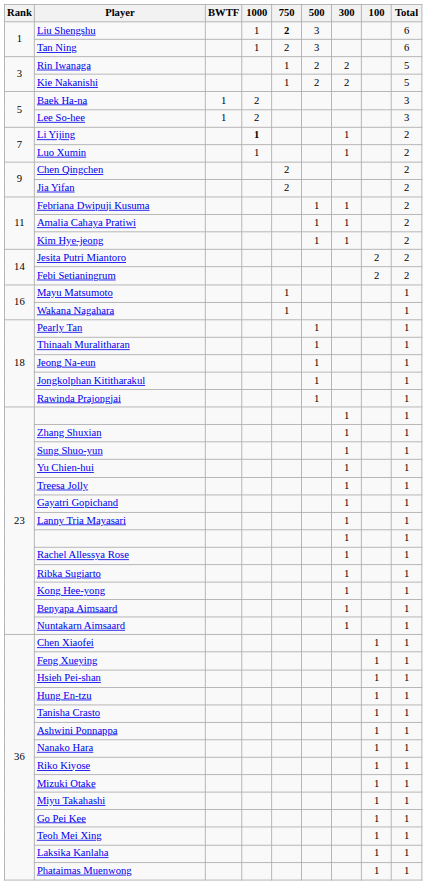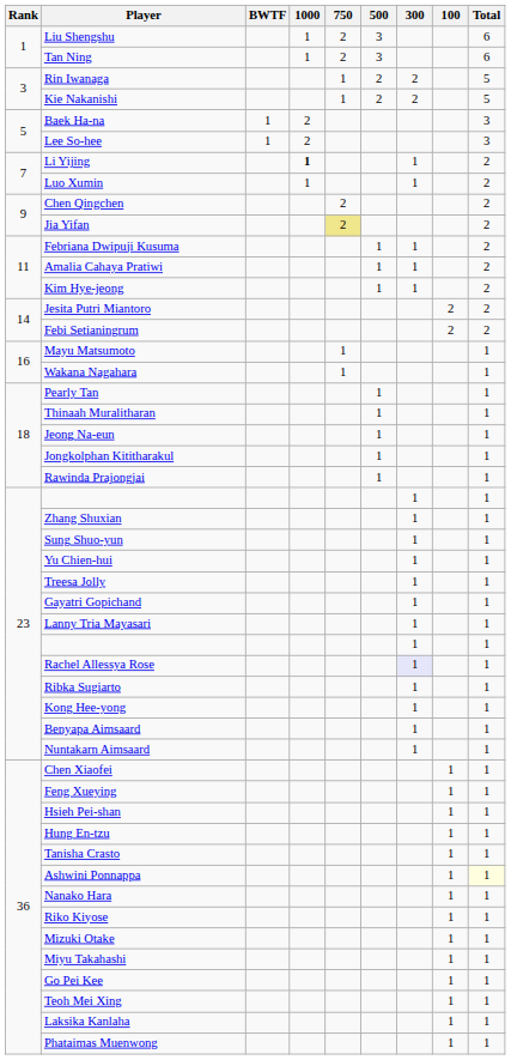 <table class="wikitable" style="font-size:80%; text-align:center">
 <tr>
 <th width="30">Rank</th>
 <th width="200">Player</th>
 <th width="30">BWTF</th>
 <th width="30">1000</th>
 <th width="30">750</th>
 <th width="30">500</th>
 <th width="30">300</th>
 <th width="30">100</th>
 <th width="30">Total</th>
 </tr>
 <tr>
 <td rowspan="2">1</td>
 <td align="left"> <a href='#'>Liu Shengshu</a></td>
 <td></td>
 <td>1</td>
-<td><strong>2</strong></td>
+<td>2</td>
 <td>3</td>
 <td></td>
 <td></td>
 <td>6</td>
 </tr>
 <tr>
 <td align="left"> <a href='#'>Tan Ning</a></td>
 <td></td>
 <td>1</td>
 <td>2</td>
 <td>3</td>
 <td></td>
 <td></td>
 <td>6</td>
 </tr>
 <tr>
 <td rowspan="2">3</td>
 <td align="left"> <a href='#'>Rin Iwanaga</a></td>
 <td></td>
 <td></td>
 <td>1</td>
 <td>2</td>
 <td>2</td>
 <td></td>
 <td>5</td>
 </tr>
 <tr>
 <td align="left"> <a href='#'>Kie Nakanishi</a></td>
 <td></td>
 <td></td>
 <td>1</td>
 <td>2</td>
 <td>2</td>
 <td></td>
 <td>5</td>
 </tr>
 <tr>
 <td rowspan="2">5</td>
 <td align="left"> <a href='#'>Baek Ha-na</a></td>
 <td>1</td>
 <td>2</td>
 <td></td>
 <td></td>
 <td></td>
 <td></td>
 <td>3</td>
 </tr>
 <tr>
 <td align="left"> <a href='#'>Lee So-hee</a></td>
 <td>1</td>
 <td>2</td>
 <td></td>
 <td></td>
 <td></td>
 <td></td>
 <td>3</td>
 </tr>
 <tr>
 <td rowspan="2">7</td>
 <td align="left"> <a href='#'>Li Yijing</a></td>
 <td></td>
 <td><strong>1</strong></td>
 <td></td>
 <td></td>
 <td>1</td>
 <td></td>
 <td>2</td>
 </tr>
 <tr>
 <td align="left"> <a href='#'>Luo Xumin</a></td>
 <td></td>
 <td>1</td>
 <td></td>
 <td></td>
 <td>1</td>
 <td></td>
 <td>2</td>
 </tr>
 <tr>
 <td rowspan="2">9</td>
 <td align="left"> <a href='#'>Chen Qingchen</a></td>
 <td></td>
 <td></td>
 <td>2</td>
 <td></td>
 <td></td>
 <td></td>
 <td>2</td>
 </tr>
 <tr>
 <td align="left"> <a href='#'>Jia Yifan</a></td>
 <td></td>
 <td></td>
-<td>2</td>
+<td style="background: khaki;">2</td>
 <td></td>
 <td></td>
 <td></td>
 <td>2</td>
 </tr>
 <tr>
 <td rowspan="3">11</td>
 <td align="left"> <a href='#'>Febriana Dwipuji Kusuma</a></td>
 <td></td>
 <td></td>
 <td></td>
 <td>1</td>
 <td>1</td>
 <td></td>
 <td>2</td>
 </tr>
 <tr>
 <td align="left"> <a href='#'>Amalia Cahaya Pratiwi</a></td>
 <td></td>
 <td></td>
 <td></td>
 <td>1</td>
 <td>1</td>
 <td></td>
 <td>2</td>
 </tr>
 <tr>
 <td align="left"> <a href='#'>Kim Hye-jeong</a></td>
 <td></td>
 <td></td>
 <td></td>
 <td>1</td>
 <td>1</td>
 <td></td>
 <td>2</td>
 </tr>
 <tr>
 <td rowspan="2">14</td>
 <td align="left"> <a href='#'>Jesita Putri Miantoro</a></td>
 <td></td>
 <td></td>
 <td></td>
 <td></td>
 <td></td>
 <td>2</td>
 <td>2</td>
 </tr>
 <tr>
 <td align="left"> <a href='#'>Febi Setianingrum</a></td>
 <td></td>
 <td></td>
 <td></td>
 <td></td>
 <td></td>
 <td>2</td>
 <td>2</td>
 </tr>
 <tr>
 <td rowspan="2">16</td>
 <td align="left"> <a href='#'>Mayu Matsumoto</a></td>
 <td></td>
 <td></td>
 <td>1</td>
 <td></td>
 <td></td>
 <td></td>
 <td>1</td>
 </tr>
 <tr>
 <td align="left"> <a href='#'>Wakana Nagahara</a></td>
 <td></td>
 <td></td>
 <td>1</td>
 <td></td>
 <td></td>
 <td></td>
 <td>1</td>
 </tr>
 <tr>
 <td rowspan="5">18</td>
 <td align="left"> <a href='#'>Pearly Tan</a></td>
 <td></td>
 <td></td>
 <td></td>
 <td>1</td>
 <td></td>
 <td></td>
 <td>1</td>
 </tr>
 <tr>
 <td align="left"> <a href='#'>Thinaah Muralitharan</a></td>
 <td></td>
 <td></td>
 <td></td>
 <td>1</td>
 <td></td>
 <td></td>
 <td>1</td>
 </tr>
 <tr>
 <td align="left"> <a href='#'>Jeong Na-eun</a></td>
 <td></td>
 <td></td>
 <td></td>
 <td>1</td>
 <td></td>
 <td></td>
 <td>1</td>
 </tr>
 <tr>
 <td align="left"> <a href='#'>Jongkolphan Kititharakul</a></td>
 <td></td>
 <td></td>
 <td></td>
 <td>1</td>
 <td></td>
 <td></td>
 <td>1</td>
 </tr>
 <tr>
 <td align="left"> <a href='#'>Rawinda Prajongjai</a></td>
 <td></td>
 <td></td>
 <td></td>
 <td>1</td>
 <td></td>
 <td></td>
 <td>1</td>
 </tr>
 <tr>
 <td rowspan="13">23</td>
 <td align="left"></td>
 <td></td>
 <td></td>
 <td></td>
 <td></td>
 <td>1</td>
 <td></td>
 <td>1</td>
 </tr>
 <tr>
 <td align="left"> <a href='#'>Zhang Shuxian</a></td>
 <td></td>
 <td></td>
 <td></td>
 <td></td>
 <td>1</td>
 <td></td>
 <td>1</td>
 </tr>
 <tr>
 <td align="left"> <a href='#'>Sung Shuo-yun</a></td>
 <td></td>
 <td></td>
 <td></td>
 <td></td>
 <td>1</td>
 <td></td>
 <td>1</td>
 </tr>
 <tr>
 <td align="left"> <a href='#'>Yu Chien-hui</a></td>
 <td></td>
 <td></td>
 <td></td>
 <td></td>
 <td>1</td>
 <td></td>
 <td>1</td>
 </tr>
 <tr>
 <td align="left"> <a href='#'>Treesa Jolly</a></td>
 <td></td>
 <td></td>
 <td></td>
 <td></td>
 <td>1</td>
 <td></td>
 <td>1</td>
 </tr>
 <tr>
 <td align="left"> <a href='#'>Gayatri Gopichand</a></td>
 <td></td>
 <td></td>
 <td></td>
 <td></td>
 <td>1</td>
 <td></td>
 <td>1</td>
 </tr>
 <tr>
 <td align="left"> <a href='#'>Lanny Tria Mayasari</a></td>
 <td></td>
 <td></td>
 <td></td>
 <td></td>
 <td>1</td>
 <td></td>
 <td>1</td>
 </tr>
 <tr>
 <td align="left"></td>
 <td></td>
 <td></td>
 <td></td>
 <td></td>
 <td>1</td>
 <td></td>
 <td>1</td>
 </tr>
 <tr>
 <td align="left"> <a href='#'>Rachel Allessya Rose</a></td>
 <td></td>
 <td></td>
 <td></td>
 <td></td>
-<td>1</td>
+<td style="background: lavender;">1</td>
 <td></td>
 <td>1</td>
 </tr>
 <tr>
 <td align="left"> <a href='#'>Ribka Sugiarto</a></td>
 <td></td>
 <td></td>
 <td></td>
 <td></td>
 <td>1</td>
 <td></td>
 <td>1</td>
 </tr>
 <tr>
 <td align="left"> <a href='#'>Kong Hee-yong</a></td>
 <td></td>
 <td></td>
 <td></td>
 <td></td>
 <td>1</td>
 <td></td>
 <td>1</td>
 </tr>
 <tr>
 <td align="left"> <a href='#'>Benyapa Aimsaard</a></td>
 <td></td>
 <td></td>
 <td></td>
 <td></td>
 <td>1</td>
 <td></td>
 <td>1</td>
 </tr>
 <tr>
 <td align="left"> <a href='#'>Nuntakarn Aimsaard</a></td>
 <td></td>
 <td></td>
 <td></td>
 <td></td>
 <td>1</td>
 <td></td>
 <td>1</td>
 </tr>
 <tr>
 <td rowspan="14">36</td>
 <td align="left"> <a href='#'>Chen Xiaofei</a></td>
 <td></td>
 <td></td>
 <td></td>
 <td></td>
 <td></td>
 <td>1</td>
 <td>1</td>
 </tr>
 <tr>
 <td align="left"> <a href='#'>Feng Xueying</a></td>
 <td></td>
 <td></td>
 <td></td>
 <td></td>
 <td></td>
 <td>1</td>
 <td>1</td>
 </tr>
 <tr>
 <td align="left"> <a href='#'>Hsieh Pei-shan</a></td>
 <td></td>
 <td></td>
 <td></td>
 <td></td>
 <td></td>
 <td>1</td>
 <td>1</td>
 </tr>
 <tr>
 <td align="left"> <a href='#'>Hung En-tzu</a></td>
 <td></td>
 <td></td>
 <td></td>
 <td></td>
 <td></td>
 <td>1</td>
 <td>1</td>
 </tr>
 <tr>
 <td align="left"> <a href='#'>Tanisha Crasto</a></td>
 <td></td>
 <td></td>
 <td></td>
 <td></td>
 <td></td>
 <td>1</td>
 <td>1</td>
 </tr>
 <tr>
 <td align="left"> <a href='#'>Ashwini Ponnappa</a></td>
 <td></td>
 <td></td>
 <td></td>
 <td></td>
 <td></td>
 <td>1</td>
-<td>1</td>
+<td style="background: lightyellow;">1</td>
 </tr>
 <tr>
 <td align="left"> <a href='#'>Nanako Hara</a></td>
 <td></td>
 <td></td>
 <td></td>
 <td></td>
 <td></td>
 <td>1</td>
 <td>1</td>
 </tr>
 <tr>
 <td align="left"> <a href='#'>Riko Kiyose</a></td>
 <td></td>
 <td></td>
 <td></td>
 <td></td>
 <td></td>
 <td>1</td>
 <td>1</td>
 </tr>
 <tr>
 <td align="left"> <a href='#'>Mizuki Otake</a></td>
 <td></td>
 <td></td>
 <td></td>
 <td></td>
 <td></td>
 <td>1</td>
 <td>1</td>
 </tr>
 <tr>
 <td align="left"> <a href='#'>Miyu Takahashi</a></td>
 <td></td>
 <td></td>
 <td></td>
 <td></td>
 <td></td>
 <td>1</td>
 <td>1</td>
 </tr>
 <tr>
 <td align="left"> <a href='#'>Go Pei Kee</a></td>
 <td></td>
 <td></td>
 <td></td>
 <td></td>
 <td></td>
 <td>1</td>
 <td>1</td>
 </tr>
 <tr>
 <td align="left"> <a href='#'>Teoh Mei Xing</a></td>
 <td></td>
 <td></td>
 <td></td>
 <td></td>
 <td></td>
 <td>1</td>
 <td>1</td>
 </tr>
 <tr>
 <td align="left"> <a href='#'>Laksika Kanlaha</a></td>
 <td></td>
 <td></td>
 <td></td>
 <td></td>
 <td></td>
 <td>1</td>
 <td>1</td>
 </tr>
 <tr>
 <td align="left"> <a href='#'>Phataimas Muenwong</a></td>
 <td></td>
 <td></td>
 <td></td>
 <td></td>
 <td></td>
 <td>1</td>
 <td>1</td>
 </tr>
 </table>
